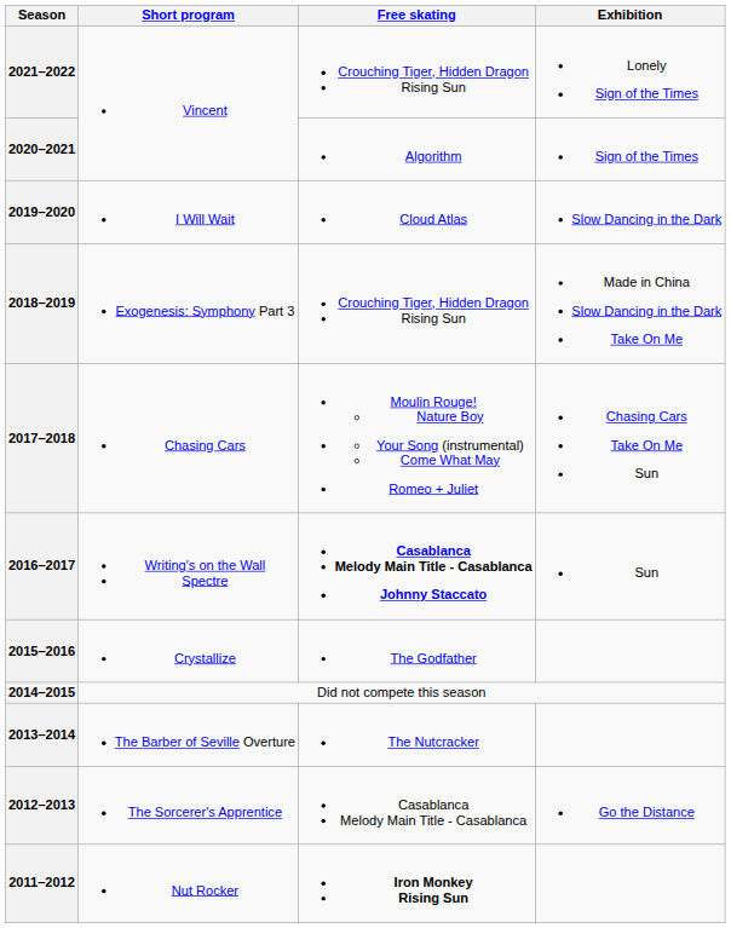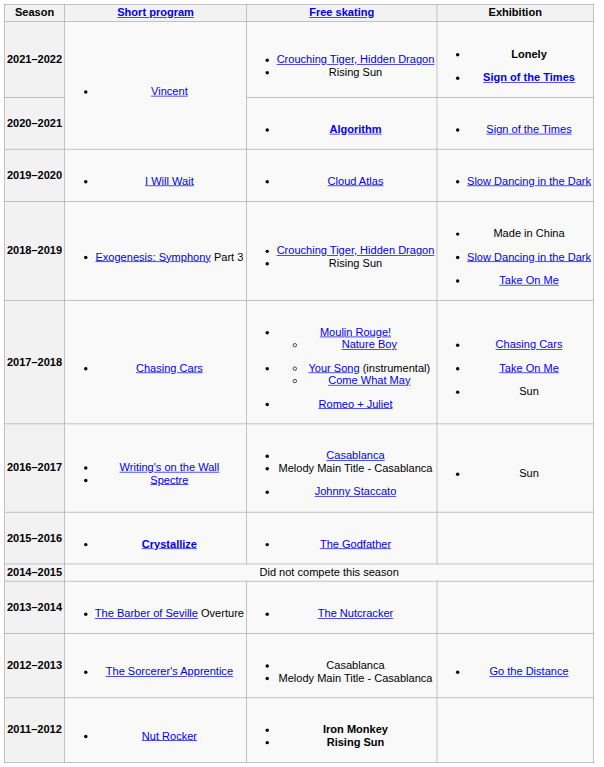 <table class=wikitable style=text-align:center>
 <tr>
 <th>Season</th>
 <th><a href='#'>Short program</a></th>
 <th><a href='#'>Free skating</a></th>
 <th>Exhibition</th>
 </tr>
 <tr>
 <th>2021–2022 <br> </th>
 <td rowspan=2><br><ul><li><a href='#'>Vincent</a> <br> </li></ul></td>
 <td><br><ul><li><a href='#'>Crouching Tiger, Hidden Dragon</a> <br></li><li>Rising Sun <br> </li></ul></td>
-<td><br><ul><li>Lonely <br></li></ul><ul><li><a href='#'>Sign of the Times</a> <br></li></ul></td>
+<td><strong><br><ul><li>Lonely <br></li></ul><ul><li><a href='#'>Sign of the Times</a> <br></li></ul></strong></td>
 </tr>
 <tr>
 <th>2020–2021 <br> </th>
-<td><br><ul><li><a href='#'>Algorithm</a> <br> </li></ul></td>
+<td><strong><br><ul><li><a href='#'>Algorithm</a> <br> </li></ul></strong></td>
 <td><br><ul><li><a href='#'>Sign of the Times</a><br></li></ul></td>
 </tr>
 <tr>
 <th>2019–2020 <br> </th>
 <td><br><ul><li><a href='#'>I Will Wait</a> <br> </li></ul></td>
 <td><br><ul><li><a href='#'>Cloud Atlas</a> <br> </li></ul></td>
 <td><br><ul><li><a href='#'>Slow Dancing in the Dark</a><br></li></ul></td>
 </tr>
 <tr>
 <th>2018–2019 <br> </th>
 <td><br><ul><li><a href='#'>Exogenesis: Symphony</a> Part 3 <br></li></ul></td>
 <td><br><ul><li><a href='#'>Crouching Tiger, Hidden Dragon</a> <br></li><li>Rising Sun <br></li></ul></td>
 <td><br><ul><li>Made in China <br></li></ul><ul><li><a href='#'>Slow Dancing in the Dark</a> <br></li></ul><ul><li><a href='#'>Take On Me</a> <br></li></ul></td>
 </tr>
 <tr>
 <th>2017–2018 <br> </th>
 <td><br><ul><li><a href='#'>Chasing Cars</a> <br></li></ul></td>
 <td><br><ul><li><a href='#'>Moulin Rouge!</a><ul><li><a href='#'>Nature Boy</a> <br></li></ul></li></ul><ul><li><ul><li><a href='#'>Your Song</a> (instrumental) <br></li><li><a href='#'>Come What May</a> <br></li></ul></li></ul><ul><li><a href='#'>Romeo + Juliet</a> <br></li></ul></td>
 <td><br><ul><li><a href='#'>Chasing Cars</a> <br></li></ul><ul><li><a href='#'>Take On Me</a> <br></li></ul><ul><li>Sun <br> </li></ul></td>
 </tr>
 <tr>
 <th>2016–2017 <br> </th>
 <td><br><ul><li><a href='#'>Writing's on the Wall</a> <br></li><li><a href='#'>Spectre</a> <br></li></ul></td>
-<td><strong><br><ul><li><a href='#'>Casablanca</a> <br></li><li>Melody Main Title - Casablanca <br></li></ul><ul><li><a href='#'>Johnny Staccato</a> <br></li></ul></strong></td>
+<td><br><ul><li><a href='#'>Casablanca</a> <br></li><li>Melody Main Title - Casablanca <br></li></ul><ul><li><a href='#'>Johnny Staccato</a> <br></li></ul></td>
 <td><br><ul><li>Sun <br> </li></ul></td>
 </tr>
 <tr>
 <th>2015–2016 <br> </th>
-<td><br><ul><li><a href='#'>Crystallize</a> <br></li></ul></td>
+<td><strong><br><ul><li><a href='#'>Crystallize</a> <br></li></ul></strong></td>
 <td><br><ul><li><a href='#'>The Godfather</a> <br></li></ul></td>
 <td></td>
 </tr>
 <tr>
 <th>2014–2015 <br> </th>
 <td colspan=3>Did not compete this season</td>
 </tr>
 <tr>
 <th>2013–2014 <br> </th>
 <td><br><ul><li><a href='#'>The Barber of Seville</a> Overture <br></li></ul></td>
 <td><br><ul><li><a href='#'>The Nutcracker</a> <br></li></ul></td>
 <td></td>
 </tr>
 <tr>
 <th>2012–2013 <br> </th>
 <td><br><ul><li><a href='#'>The Sorcerer's Apprentice</a> <br></li></ul></td>
 <td><br><ul><li>Casablanca <br></li><li>Melody Main Title - Casablanca <br></li></ul></td>
 <td><br><ul><li><a href='#'>Go the Distance</a></li></ul></td>
 </tr>
 <tr>
 <th>2011–2012 <br> </th>
 <td><br><ul><li><a href='#'>Nut Rocker</a> <br></li></ul></td>
 <td><strong><br><ul><li>Iron Monkey <br></li><li>Rising Sun <br></li></ul></strong></td>
 <td></td>
 </tr>
 </table>
